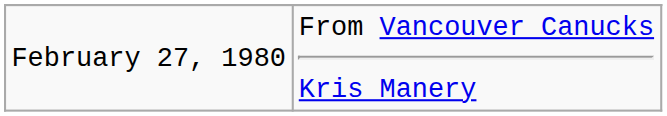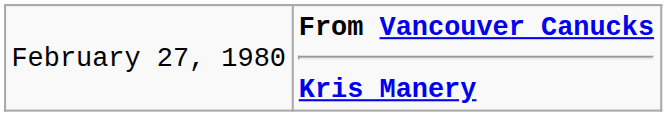 <table class="wikitable">
 <tr>
 </tr>
 <tr>
 <td>February 27, 1980</td>
-<td valign="top">From <a href='#'>Vancouver Canucks</a><hr><a href='#'>Kris Manery</a></td>
+<td valign="top"><strong>From <a href='#'>Vancouver Canucks</a><hr><a href='#'>Kris Manery</a></strong></td>
 </tr>
 </table>
